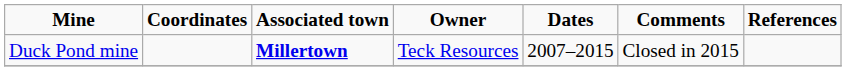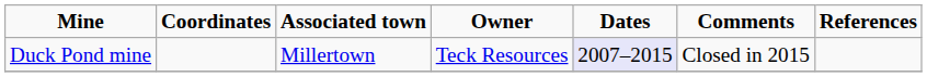 <table class="sortable wikitable">
 <tr align="center">
 <td><strong>Mine</strong></td>
 <td><strong>Coordinates</strong></td>
 <td><strong>Associated town</strong></td>
 <td><strong>Owner</strong></td>
 <td><strong>Dates</strong></td>
 <td><strong>Comments</strong></td>
 <td><strong>References</strong></td>
 </tr>
 <tr>
 <td><a href='#'>Duck Pond mine</a></td>
 <td></td>
-<td><strong><a href='#'>Millertown</a></strong></td>
+<td><a href='#'>Millertown</a></td>
 <td><a href='#'>Teck Resources</a></td>
-<td>2007–2015</td>
+<td style="background: lavender;">2007–2015</td>
 <td>Closed in 2015</td>
 <td></td>
 </tr>
 <tr>
 </tr>
 </table>
